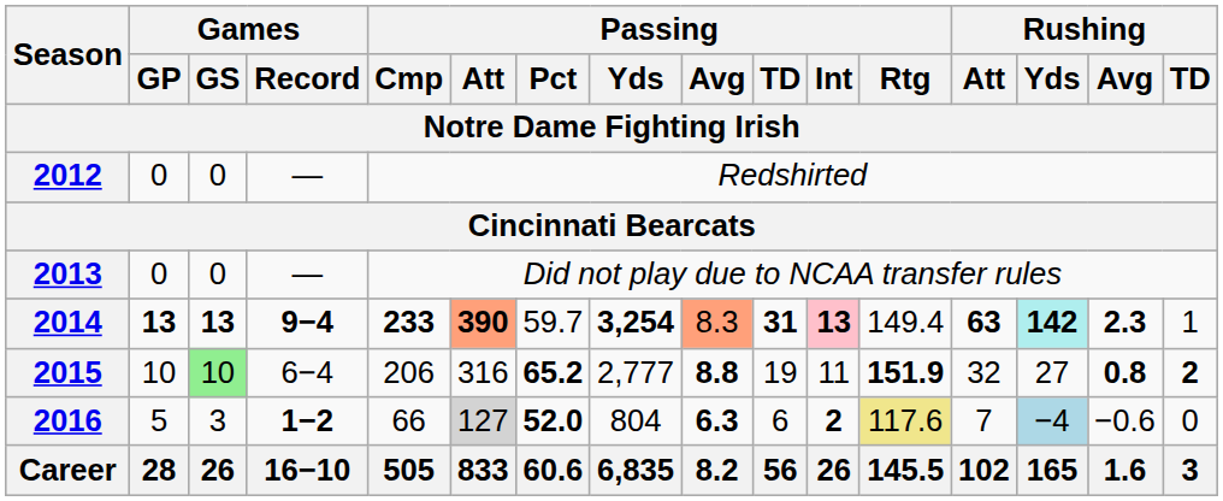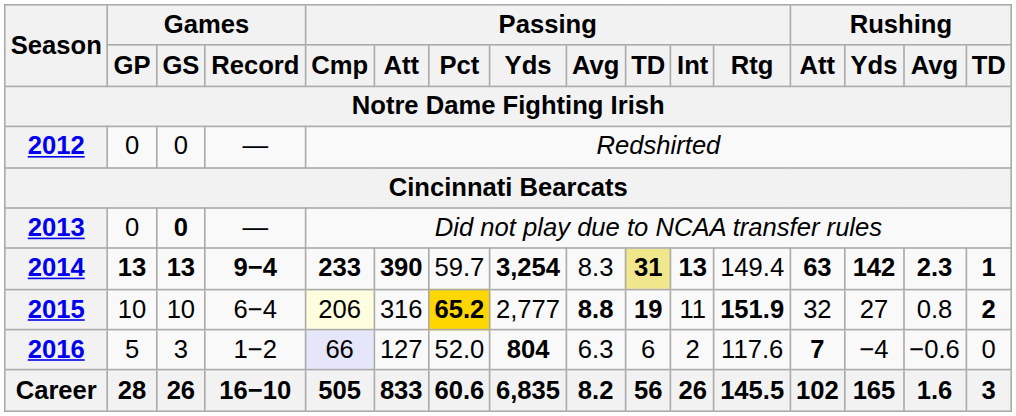 <table class="wikitable" style="text-align:center;">
 <tr>
 <th rowspan="2">Season</th>
 <th colspan="3">Games</th>
 <th colspan="8">Passing</th>
 <th colspan="4">Rushing</th>
 </tr>
 <tr>
 <th>GP</th>
 <th>GS</th>
 <th>Record</th>
 <th>Cmp</th>
 <th>Att</th>
 <th>Pct</th>
 <th>Yds</th>
 <th>Avg</th>
 <th>TD</th>
 <th>Int</th>
 <th>Rtg</th>
 <th>Att</th>
 <th>Yds</th>
 <th>Avg</th>
 <th>TD</th>
 </tr>
 <tr>
 <th colspan="16">Notre Dame Fighting Irish</th>
 </tr>
 <tr>
 <th><a href='#'>2012</a></th>
 <td>0</td>
 <td>0</td>
 <td>—</td>
 <td colspan="12"> <em>Redshirted</em></td>
 </tr>
 <tr>
 <th colspan="16">Cincinnati Bearcats</th>
 </tr>
 <tr>
 <th><a href='#'>2013</a></th>
 <td>0</td>
-<td>0</td>
+<td><strong>0</strong></td>
 <td>—</td>
 <td colspan="12"><em>Did not play due to NCAA transfer rules</em></td>
 </tr>
 <tr>
 <th><a href='#'>2014</a></th>
 <td><strong>13</strong></td>
 <td><strong>13</strong></td>
 <td><strong>9−4</strong></td>
 <td><strong>233</strong></td>
-<td style="background: lightsalmon;"><strong>390</strong></td>
+<td><strong>390</strong></td>
 <td>59.7</td>
 <td><strong>3,254</strong></td>
-<td style="background: lightsalmon;">8.3</td>
-<td><strong>31</strong></td>
-<td style="background: pink;"><strong>13</strong></td>
+<td>8.3</td>
+<td style="background: khaki;"><strong>31</strong></td>
+<td><strong>13</strong></td>
 <td>149.4</td>
 <td><strong>63</strong></td>
-<td style="background: paleturquoise;"><strong>142</strong></td>
+<td><strong>142</strong></td>
 <td><strong>2.3</strong></td>
-<td>1</td>
+<td><strong>1</strong></td>
 </tr>
 <tr>
 <th><a href='#'>2015</a></th>
 <td>10</td>
-<td style="background: lightgreen;">10</td>
+<td>10</td>
 <td>6−4</td>
-<td>206</td>
+<td style="background: lightyellow;">206</td>
 <td>316</td>
-<td><strong>65.2</strong></td>
+<td style="background: gold;"><strong>65.2</strong></td>
 <td>2,777</td>
 <td><strong>8.8</strong></td>
-<td>19</td>
+<td><strong>19</strong></td>
 <td>11</td>
 <td><strong>151.9</strong></td>
 <td>32</td>
 <td>27</td>
-<td><strong>0.8</strong></td>
+<td>0.8</td>
 <td><strong>2</strong></td>
 </tr>
 <tr>
 <th><a href='#'>2016</a></th>
 <td>5</td>
 <td>3</td>
-<td><strong>1−2</strong></td>
-<td>66</td>
-<td style="background: lightgrey;">127</td>
-<td><strong>52.0</strong></td>
-<td>804</td>
-<td><strong>6.3</strong></td>
+<td>1−2</td>
+<td style="background: lavender;">66</td>
+<td>127</td>
+<td>52.0</td>
+<td><strong>804</strong></td>
+<td>6.3</td>
 <td>6</td>
-<td><strong>2</strong></td>
-<td style="background: khaki;">117.6</td>
-<td>7</td>
-<td style="background: lightblue;">−4</td>
+<td>2</td>
+<td>117.6</td>
+<td><strong>7</strong></td>
+<td>−4</td>
 <td>−0.6</td>
 <td>0</td>
 </tr>
 <tr>
 <th>Career</th>
 <th>28</th>
 <th>26</th>
 <th>16−10</th>
 <th>505</th>
 <th>833</th>
 <th>60.6</th>
 <th>6,835</th>
 <th>8.2</th>
 <th>56</th>
 <th>26</th>
 <th>145.5</th>
 <th>102</th>
 <th>165</th>
 <th>1.6</th>
 <th>3</th>
 </tr>
 </table>
